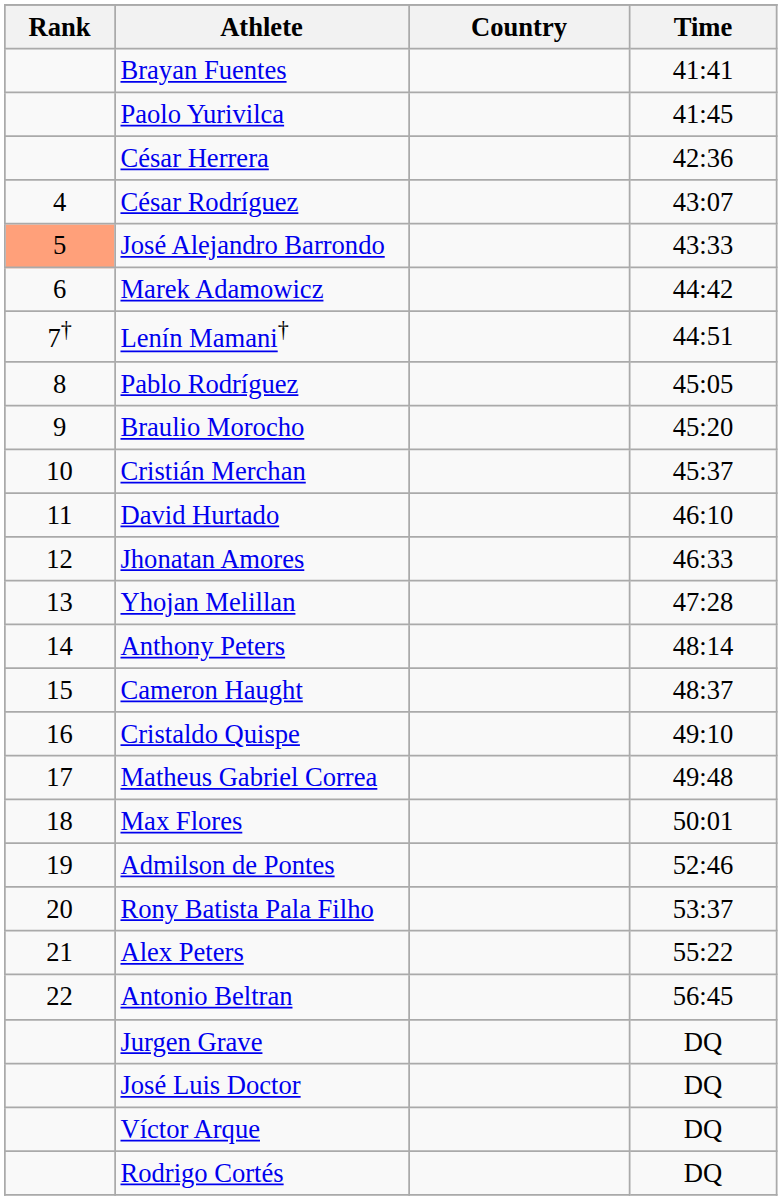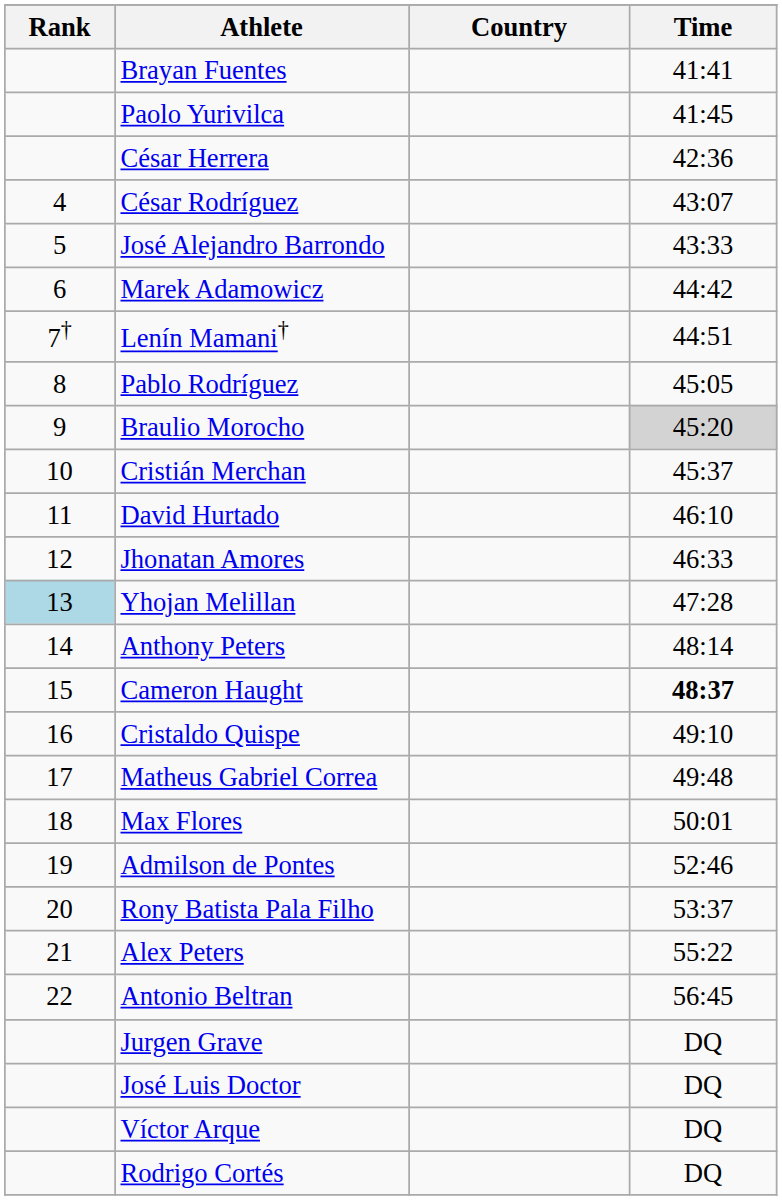 <table class="wikitable sortable" style=" text-align:center; font-size:95%;" width="50%">
 <tr>
 </tr>
 <tr>
 <th width=5%>Rank</th>
 <th width=20%>Athlete</th>
 <th width=15%>Country</th>
 <th width=10%>Time</th>
 </tr>
 <tr>
 <td align=center></td>
 <td align=left><a href='#'>Brayan Fuentes</a></td>
 <td align=left></td>
 <td>41:41</td>
 </tr>
 <tr>
 <td align=center></td>
 <td align=left><a href='#'>Paolo Yurivilca</a></td>
 <td align=left></td>
 <td>41:45</td>
 </tr>
 <tr>
 <td align=center></td>
 <td align=left><a href='#'>César Herrera</a></td>
 <td align=left></td>
 <td>42:36</td>
 </tr>
 <tr>
 <td align=center>4</td>
 <td align=left><a href='#'>César Rodríguez</a></td>
 <td align=left></td>
 <td>43:07</td>
 </tr>
 <tr>
-<td align=center style="background: lightsalmon;">5</td>
+<td align=center>5</td>
 <td align=left><a href='#'>José Alejandro Barrondo</a></td>
 <td align=left></td>
 <td>43:33</td>
 </tr>
 <tr>
 <td align=center>6</td>
 <td align=left><a href='#'>Marek Adamowicz</a></td>
 <td align=left></td>
 <td>44:42</td>
 </tr>
 <tr>
 <td align=center>7<sup>†</sup></td>
 <td align=left><a href='#'>Lenín Mamani</a><sup>†</sup></td>
 <td align=left></td>
 <td>44:51</td>
 </tr>
 <tr>
 <td align=center>8</td>
 <td align=left><a href='#'>Pablo Rodríguez</a></td>
 <td align=left></td>
 <td>45:05</td>
 </tr>
 <tr>
 <td align=center>9</td>
 <td align=left><a href='#'>Braulio Morocho</a></td>
 <td align=left></td>
-<td>45:20</td>
+<td style="background: lightgrey;">45:20</td>
 </tr>
 <tr>
 <td align=center>10</td>
 <td align=left><a href='#'>Cristián Merchan</a></td>
 <td align=left></td>
 <td>45:37</td>
 </tr>
 <tr>
 <td align=center>11</td>
 <td align=left><a href='#'>David Hurtado</a></td>
 <td align=left></td>
 <td>46:10</td>
 </tr>
 <tr>
 <td align=center>12</td>
 <td align=left><a href='#'>Jhonatan Amores</a></td>
 <td align=left></td>
 <td>46:33</td>
 </tr>
 <tr>
-<td align=center>13</td>
+<td align=center style="background: lightblue;">13</td>
 <td align=left><a href='#'>Yhojan Melillan</a></td>
 <td align=left></td>
 <td>47:28</td>
 </tr>
 <tr>
 <td align=center>14</td>
 <td align=left><a href='#'>Anthony Peters</a></td>
 <td align=left></td>
 <td>48:14</td>
 </tr>
 <tr>
 <td align=center>15</td>
 <td align=left><a href='#'>Cameron Haught</a></td>
 <td align=left></td>
-<td>48:37</td>
+<td><strong>48:37</strong></td>
 </tr>
 <tr>
 <td align=center>16</td>
 <td align=left><a href='#'>Cristaldo Quispe</a></td>
 <td align=left></td>
 <td>49:10</td>
 </tr>
 <tr>
 <td align=center>17</td>
 <td align=left><a href='#'>Matheus Gabriel Correa</a></td>
 <td align=left></td>
 <td>49:48</td>
 </tr>
 <tr>
 <td align=center>18</td>
 <td align=left><a href='#'>Max Flores</a></td>
 <td align=left></td>
 <td>50:01</td>
 </tr>
 <tr>
 <td align=center>19</td>
 <td align=left><a href='#'>Admilson de Pontes</a></td>
 <td align=left></td>
 <td>52:46</td>
 </tr>
 <tr>
 <td align=center>20</td>
 <td align=left><a href='#'>Rony Batista Pala Filho</a></td>
 <td align=left></td>
 <td>53:37</td>
 </tr>
 <tr>
 <td align=center>21</td>
 <td align=left><a href='#'>Alex Peters</a></td>
 <td align=left></td>
 <td>55:22</td>
 </tr>
 <tr>
 <td align=center>22</td>
 <td align=left><a href='#'>Antonio Beltran</a></td>
 <td align=left></td>
 <td>56:45</td>
 </tr>
 <tr>
 <td align=center></td>
 <td align=left><a href='#'>Jurgen Grave</a></td>
 <td align=left></td>
 <td>DQ</td>
 </tr>
 <tr>
 <td align=center></td>
 <td align=left><a href='#'>José Luis Doctor</a></td>
 <td align=left></td>
 <td>DQ</td>
 </tr>
 <tr>
 <td align=center></td>
 <td align=left><a href='#'>Víctor Arque</a></td>
 <td align=left></td>
 <td>DQ</td>
 </tr>
 <tr>
 <td align=center></td>
 <td align=left><a href='#'>Rodrigo Cortés</a></td>
 <td align=left></td>
 <td>DQ</td>
 </tr>
 </table>
